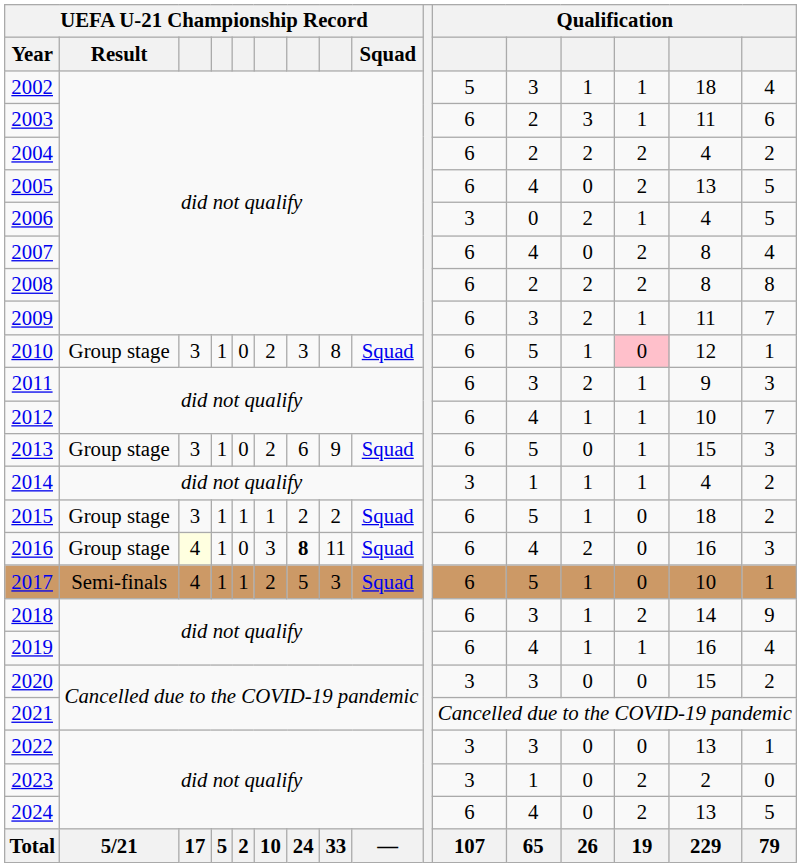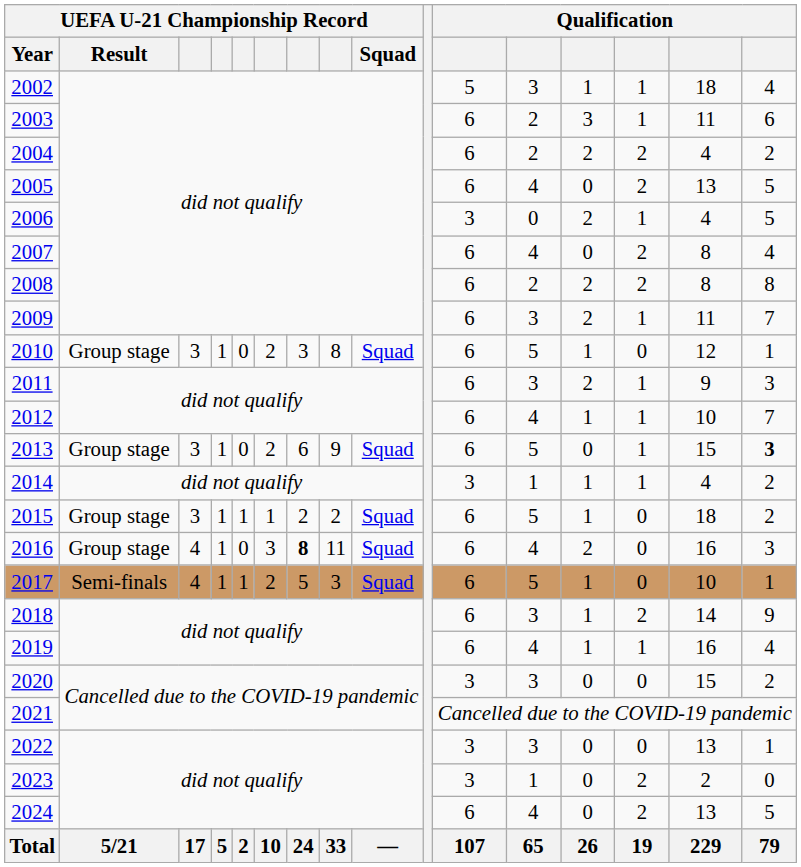 <table class="wikitable" style="text-align: center;">
 <tr>
 <th colspan=9>UEFA U-21 Championship Record</th>
 <th rowspan=26></th>
 <th colspan=7>Qualification</th>
 </tr>
 <tr>
 <th>Year</th>
 <th>Result</th>
 <th></th>
 <th></th>
 <th></th>
 <th></th>
 <th></th>
 <th></th>
 <th>Squad</th>
 <th></th>
 <th></th>
 <th></th>
 <th></th>
 <th></th>
 <th></th>
 </tr>
 <tr>
 <td> <a href='#'>2002</a></td>
 <td colspan=8 rowspan=8><em>did not qualify</em></td>
 <td>5</td>
 <td>3</td>
 <td>1</td>
 <td>1</td>
 <td>18</td>
 <td>4</td>
 </tr>
 <tr>
 <td> <a href='#'>2003</a></td>
 <td>6</td>
 <td>2</td>
 <td>3</td>
 <td>1</td>
 <td>11</td>
 <td>6</td>
 </tr>
 <tr>
 <td> <a href='#'>2004</a></td>
 <td>6</td>
 <td>2</td>
 <td>2</td>
 <td>2</td>
 <td>4</td>
 <td>2</td>
 </tr>
 <tr>
 <td> <a href='#'>2005</a></td>
 <td>6</td>
 <td>4</td>
 <td>0</td>
 <td>2</td>
 <td>13</td>
 <td>5</td>
 </tr>
 <tr>
 <td> <a href='#'>2006</a></td>
 <td>3</td>
 <td>0</td>
 <td>2</td>
 <td>1</td>
 <td>4</td>
 <td>5</td>
 </tr>
 <tr>
 <td> <a href='#'>2007</a></td>
 <td>6</td>
 <td>4</td>
 <td>0</td>
 <td>2</td>
 <td>8</td>
 <td>4</td>
 </tr>
 <tr>
 <td> <a href='#'>2008</a></td>
 <td>6</td>
 <td>2</td>
 <td>2</td>
 <td>2</td>
 <td>8</td>
 <td>8</td>
 </tr>
 <tr>
 <td> <a href='#'>2009</a></td>
 <td>6</td>
 <td>3</td>
 <td>2</td>
 <td>1</td>
 <td>11</td>
 <td>7</td>
 </tr>
 <tr>
 <td> <a href='#'>2010</a></td>
 <td>Group stage</td>
 <td>3</td>
 <td>1</td>
 <td>0</td>
 <td>2</td>
 <td>3</td>
 <td>8</td>
 <td><a href='#'>Squad</a></td>
 <td>6</td>
 <td>5</td>
 <td>1</td>
-<td style="background: pink;">0</td>
+<td>0</td>
 <td>12</td>
 <td>1</td>
 </tr>
 <tr>
 <td> <a href='#'>2011</a></td>
 <td colspan=8 rowspan=2><em>did not qualify</em></td>
 <td>6</td>
 <td>3</td>
 <td>2</td>
 <td>1</td>
 <td>9</td>
 <td>3</td>
 </tr>
 <tr>
 <td> <a href='#'>2012</a></td>
 <td>6</td>
 <td>4</td>
 <td>1</td>
 <td>1</td>
 <td>10</td>
 <td>7</td>
 </tr>
 <tr>
 <td> <a href='#'>2013</a></td>
 <td>Group stage</td>
 <td>3</td>
 <td>1</td>
 <td>0</td>
 <td>2</td>
 <td>6</td>
 <td>9</td>
 <td><a href='#'>Squad</a></td>
 <td>6</td>
 <td>5</td>
 <td>0</td>
 <td>1</td>
 <td>15</td>
-<td>3</td>
+<td><strong>3</strong></td>
 </tr>
 <tr>
 <td> <a href='#'>2014</a></td>
 <td colspan=8 rowspan=1><em>did not qualify</em></td>
 <td>3</td>
 <td>1</td>
 <td>1</td>
 <td>1</td>
 <td>4</td>
 <td>2</td>
 </tr>
 <tr>
 <td> <a href='#'>2015</a></td>
 <td>Group stage</td>
 <td>3</td>
 <td>1</td>
 <td>1</td>
 <td>1</td>
 <td>2</td>
 <td>2</td>
 <td><a href='#'>Squad</a></td>
 <td>6</td>
 <td>5</td>
 <td>1</td>
 <td>0</td>
 <td>18</td>
 <td>2</td>
 </tr>
 <tr>
 <td> <a href='#'>2016</a></td>
 <td>Group stage</td>
-<td style="background: lightyellow;">4</td>
+<td>4</td>
 <td>1</td>
 <td>0</td>
 <td>3</td>
 <td><strong>8</strong></td>
 <td>11</td>
 <td><a href='#'>Squad</a></td>
 <td>6</td>
 <td>4</td>
 <td>2</td>
 <td>0</td>
 <td>16</td>
 <td>3</td>
 </tr>
 <tr style="background:#c96;">
 <td> <a href='#'>2017</a></td>
 <td>Semi-finals</td>
 <td>4</td>
 <td>1</td>
 <td>1</td>
 <td>2</td>
 <td>5</td>
 <td>3</td>
 <td><a href='#'>Squad</a></td>
 <td>6</td>
 <td>5</td>
 <td>1</td>
 <td>0</td>
 <td>10</td>
 <td>1</td>
 </tr>
 <tr>
 <td> <a href='#'>2018</a></td>
 <td colspan=8 rowspan=2><em>did not qualify</em></td>
 <td>6</td>
 <td>3</td>
 <td>1</td>
 <td>2</td>
 <td>14</td>
 <td>9</td>
 </tr>
 <tr>
 <td> <a href='#'>2019</a></td>
 <td>6</td>
 <td>4</td>
 <td>1</td>
 <td>1</td>
 <td>16</td>
 <td>4</td>
 </tr>
 <tr>
 <td> <a href='#'>2020</a></td>
 <td colspan=8 rowspan=2><em>Cancelled due to the COVID-19 pandemic</em></td>
 <td>3</td>
 <td>3</td>
 <td>0</td>
 <td>0</td>
 <td>15</td>
 <td>2</td>
 </tr>
 <tr>
 <td> <a href='#'>2021</a></td>
 <td colspan=7 rowspan=1><em>Cancelled due to the COVID-19 pandemic</em></td>
 </tr>
 <tr>
 <td> <a href='#'>2022</a></td>
 <td colspan=8 rowspan=3><em>did not qualify</em></td>
 <td>3</td>
 <td>3</td>
 <td>0</td>
 <td>0</td>
 <td>13</td>
 <td>1</td>
 </tr>
 <tr>
 <td> <a href='#'>2023</a></td>
 <td>3</td>
 <td>1</td>
 <td>0</td>
 <td>2</td>
 <td>2</td>
 <td>0</td>
 </tr>
 <tr>
 <td> <a href='#'>2024</a></td>
 <td>6</td>
 <td>4</td>
 <td>0</td>
 <td>2</td>
 <td>13</td>
 <td>5</td>
 </tr>
 <tr>
 <th>Total</th>
 <th>5/21</th>
 <th>17</th>
 <th>5</th>
 <th>2</th>
 <th>10</th>
 <th>24</th>
 <th>33</th>
 <th>—</th>
 <th>107</th>
 <th>65</th>
 <th>26</th>
 <th>19</th>
 <th>229</th>
 <th>79</th>
 </tr>
 </table>
